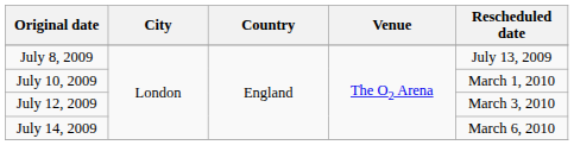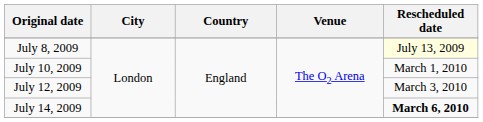 <table class="wikitable" style="text-align:center;">
 <tr>
 <th style="width:130px;">Original date</th>
 <th style="width:130px;">City</th>
 <th style="width:160px;">Country</th>
 <th style="width:180px;">Venue</th>
 <th style="width:130px;">Rescheduled date</th>
 </tr>
 <tr>
 </tr>
 <tr style="background:#ddd;">
 </tr>
 <tr>
 <td>July 8, 2009</td>
 <td rowspan="4">London</td>
 <td rowspan="4">England</td>
 <td rowspan="4"><a href='#'>The O<sub>2</sub> Arena</a></td>
-<td>July 13, 2009</td>
+<td style="background: lightyellow;">July 13, 2009</td>
 </tr>
 <tr>
 <td>July 10, 2009</td>
 <td>March 1, 2010</td>
 </tr>
 <tr>
 <td>July 12, 2009</td>
 <td>March 3, 2010</td>
 </tr>
 <tr>
 <td>July 14, 2009</td>
-<td>March 6, 2010</td>
+<td><strong>March 6, 2010</strong></td>
 </tr>
 <tr>
 </tr>
 </table>
